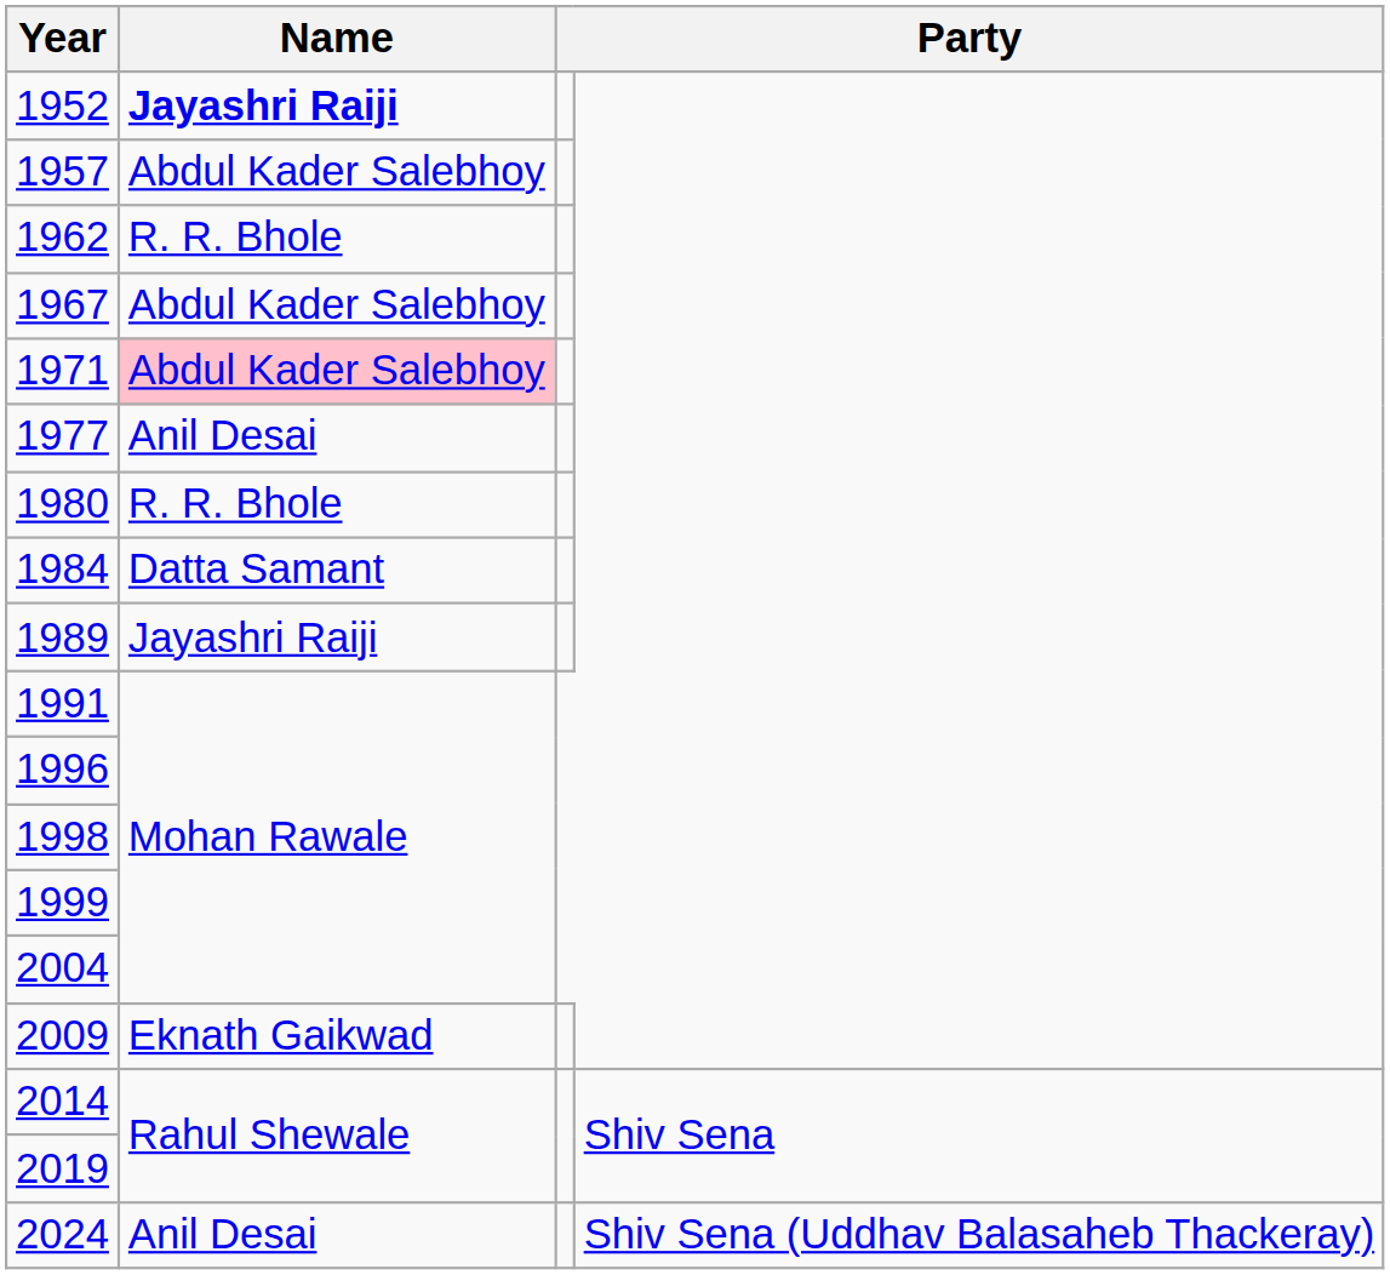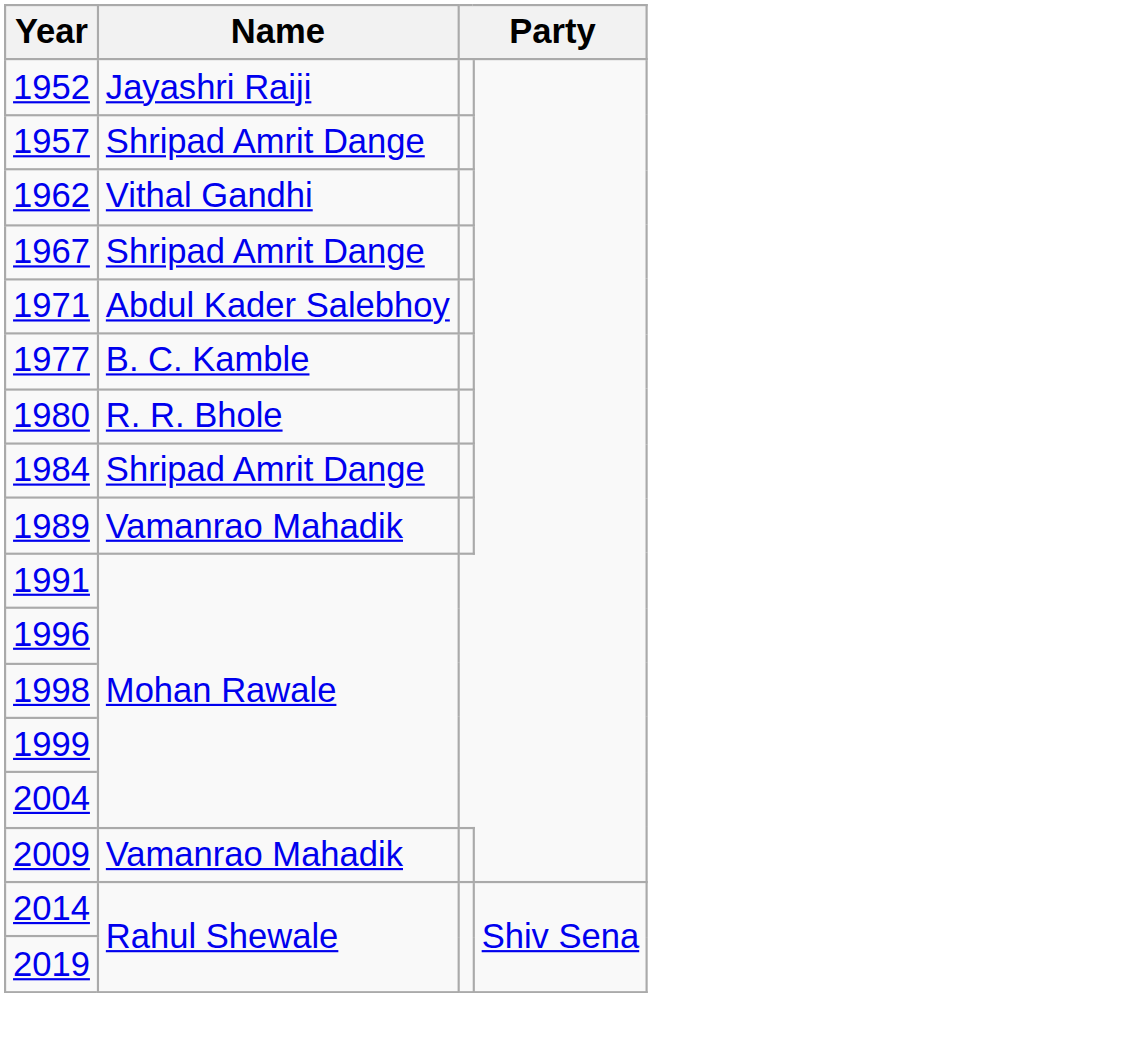 <table class="wikitable">
 <tr>
 <th>Year</th>
 <th>Name</th>
 <th colspan="2">Party</th>
 </tr>
 <tr>
 <td><a href='#'>1952</a></td>
-<td><strong><a href='#'>Jayashri Raiji</a></strong></td>
+<td><a href='#'>Jayashri Raiji</a></td>
 <td></td>
 </tr>
 <tr>
 <td><a href='#'>1957</a></td>
+<td><a href='#'>Shripad Amrit Dange</a></td>
+<td></td>
+</tr>
+<tr>
+<td><a href='#'>1962</a></td>
+<td><a href='#'>Vithal Gandhi</a></td>
+<td></td>
+</tr>
+<tr>
+<td><a href='#'>1967</a></td>
+<td><a href='#'>Shripad Amrit Dange</a></td>
+<td></td>
+</tr>
+<tr>
+<td><a href='#'>1971</a></td>
 <td><a href='#'>Abdul Kader Salebhoy</a></td>
 <td></td>
 </tr>
 <tr>
-<td><a href='#'>1962</a></td>
-<td><a href='#'>R. R. Bhole</a></td>
-<td></td>
-</tr>
-<tr>
-<td><a href='#'>1967</a></td>
-<td><a href='#'>Abdul Kader Salebhoy</a></td>
-<td></td>
-</tr>
-<tr>
-<td><a href='#'>1971</a></td>
-<td style="background: pink;"><a href='#'>Abdul Kader Salebhoy</a></td>
-<td></td>
-</tr>
-<tr>
 <td><a href='#'>1977</a></td>
-<td><a href='#'>Anil Desai</a></td>
+<td><a href='#'>B. C. Kamble</a></td>
 <td></td>
 </tr>
 <tr>
 <td><a href='#'>1980</a></td>
 <td><a href='#'>R. R. Bhole</a></td>
 <td></td>
 </tr>
 <tr>
 <td><a href='#'>1984</a></td>
-<td><a href='#'>Datta Samant</a></td>
+<td><a href='#'>Shripad Amrit Dange</a></td>
 <td></td>
 </tr>
 <tr>
 <td><a href='#'>1989</a></td>
-<td><a href='#'>Jayashri Raiji</a></td>
+<td><a href='#'>Vamanrao Mahadik</a></td>
 <td></td>
 </tr>
 <tr>
 <td><a href='#'>1991</a></td>
 <td rowspan="5"><a href='#'>Mohan Rawale</a></td>
 </tr>
 <tr>
 <td><a href='#'>1996</a></td>
 </tr>
 <tr>
 <td><a href='#'>1998</a></td>
 </tr>
 <tr>
 <td><a href='#'>1999</a></td>
 </tr>
 <tr>
 <td><a href='#'>2004</a></td>
 </tr>
 <tr>
 <td><a href='#'>2009</a></td>
-<td><a href='#'>Eknath Gaikwad</a></td>
+<td><a href='#'>Vamanrao Mahadik</a></td>
 <td></td>
 </tr>
 <tr>
 <td><a href='#'>2014</a></td>
 <td rowspan="2"><a href='#'>Rahul Shewale</a></td>
 <td rowspan="2" style="background-color: "></td>
 <td rowspan="2"><a href='#'>Shiv Sena</a></td>
 </tr>
 <tr>
 <td><a href='#'>2019</a></td>
 </tr>
-<tr>
-<td><a href='#'>2024</a></td>
-<td><a href='#'>Anil Desai</a></td>
-<td style="background-color: "></td>
-<td><a href='#'>Shiv Sena (Uddhav Balasaheb Thackeray)</a></td>
-</tr>
 </table>
